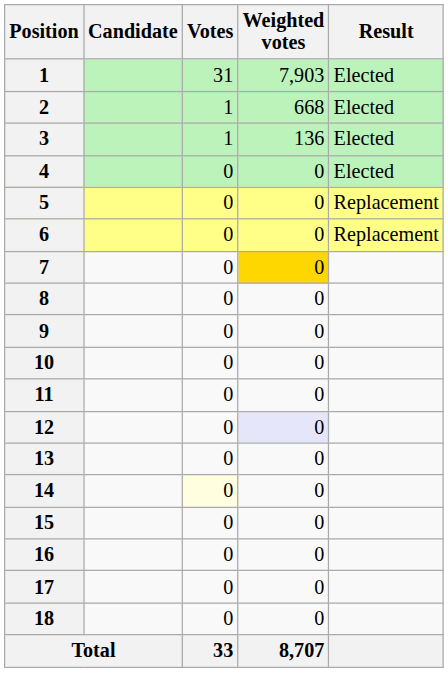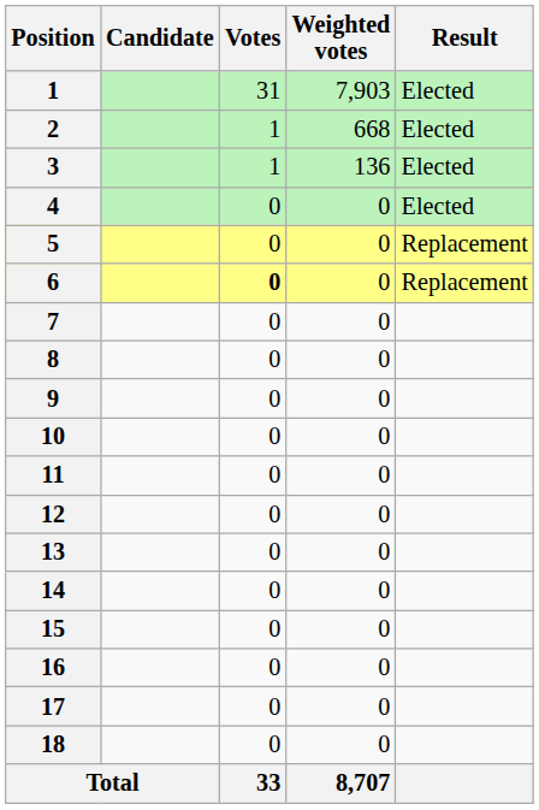 <table class="wikitable sortable">
 <tr>
 <th scope="col">Position</th>
 <th scope="col">Candidate</th>
 <th scope="col">Votes</th>
 <th scope="col">Weighted<br>votes</th>
 <th scope="col">Result</th>
 </tr>
 <tr bgcolor=bbf3bb>
 <th scope="row">1</th>
 <td></td>
 <td style="text-align:right">31</td>
 <td style="text-align:right">7,903</td>
 <td>Elected</td>
 </tr>
 <tr bgcolor=bbf3bb>
 <th scope="row">2</th>
 <td></td>
 <td style="text-align:right">1</td>
 <td style="text-align:right">668</td>
 <td>Elected</td>
 </tr>
 <tr bgcolor=bbf3bb>
 <th scope="row">3</th>
 <td></td>
 <td style="text-align:right">1</td>
 <td style="text-align:right">136</td>
 <td>Elected</td>
 </tr>
 <tr bgcolor=bbf3bb>
 <th scope="row">4</th>
 <td></td>
 <td style="text-align:right">0</td>
 <td style="text-align:right">0</td>
 <td>Elected</td>
 </tr>
 <tr bgcolor=#FF8>
 <th scope="row">5</th>
 <td></td>
 <td style="text-align:right">0</td>
 <td style="text-align:right">0</td>
 <td>Replacement</td>
 </tr>
 <tr bgcolor=#FF8>
 <th scope="row">6</th>
 <td></td>
-<td style="text-align:right">0</td>
+<td style="text-align:right"><strong>0</strong></td>
 <td style="text-align:right">0</td>
 <td>Replacement</td>
 </tr>
 <tr>
 <th scope="row">7</th>
 <td></td>
 <td style="text-align:right">0</td>
-<td style="background: gold; text-align:right">0</td>
+<td style="text-align:right">0</td>
 <td></td>
 </tr>
 <tr>
 <th scope="row">8</th>
 <td></td>
 <td style="text-align:right">0</td>
 <td style="text-align:right">0</td>
 <td></td>
 </tr>
 <tr>
 <th scope="row">9</th>
 <td></td>
 <td style="text-align:right">0</td>
 <td style="text-align:right">0</td>
 <td></td>
 </tr>
 <tr>
 <th scope="row">10</th>
 <td></td>
 <td style="text-align:right">0</td>
 <td style="text-align:right">0</td>
 <td></td>
 </tr>
 <tr>
 <th scope="row">11</th>
 <td></td>
 <td style="text-align:right">0</td>
 <td style="text-align:right">0</td>
 <td></td>
 </tr>
 <tr>
 <th scope="row">12</th>
 <td></td>
 <td style="text-align:right">0</td>
-<td style="background: lavender; text-align:right">0</td>
+<td style="text-align:right">0</td>
 <td></td>
 </tr>
 <tr>
 <th scope="row">13</th>
 <td></td>
 <td style="text-align:right">0</td>
 <td style="text-align:right">0</td>
 <td></td>
 </tr>
 <tr>
 <th scope="row">14</th>
 <td></td>
-<td style="background: lightyellow; text-align:right">0</td>
+<td style="text-align:right">0</td>
 <td style="text-align:right">0</td>
 <td></td>
 </tr>
 <tr>
 <th scope="row">15</th>
 <td></td>
 <td style="text-align:right">0</td>
 <td style="text-align:right">0</td>
 <td></td>
 </tr>
 <tr>
 <th scope="row">16</th>
 <td></td>
 <td style="text-align:right">0</td>
 <td style="text-align:right">0</td>
 <td></td>
 </tr>
 <tr>
 <th scope="row">17</th>
 <td></td>
 <td style="text-align:right">0</td>
 <td style="text-align:right">0</td>
 <td></td>
 </tr>
 <tr>
 <th scope="row">18</th>
 <td></td>
 <td style="text-align:right">0</td>
 <td style="text-align:right">0</td>
 <td></td>
 </tr>
 <tr class="sortbottom">
 <th scope="row" colspan="2">Total</th>
 <th style="text-align:right">33</th>
 <th style="text-align:right">8,707</th>
 <th></th>
 </tr>
 </table>
